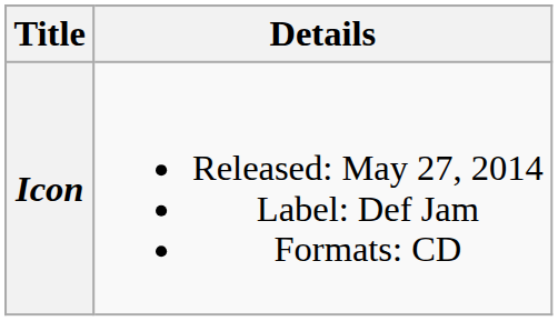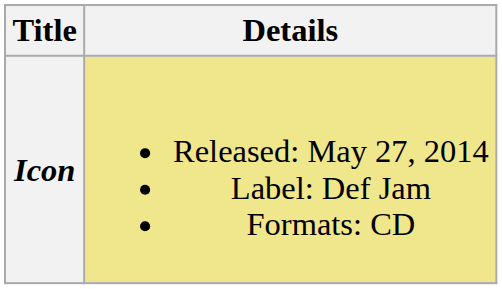 <table class="wikitable plainrowheaders" style="text-align:center;">
 <tr>
 <th scope="col">Title</th>
 <th scope="col">Details</th>
 </tr>
 <tr>
 <th scope="row"><em>Icon</em></th>
-<td><br><ul><li>Released: May 27, 2014</li><li>Label: Def Jam</li><li>Formats: CD</li></ul></td>
+<td style="background: khaki;"><br><ul><li>Released: May 27, 2014</li><li>Label: Def Jam</li><li>Formats: CD</li></ul></td>
 </tr>
 </table>
